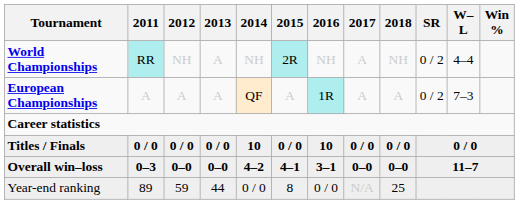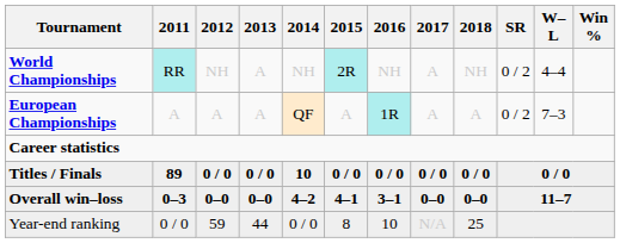 <table class=wikitable style=text-align:center>
 <tr>
 <th width=180>Tournament</th>
 <th width=40>2011</th>
 <th width=40>2012</th>
 <th width=40>2013</th>
 <th width=40>2014</th>
 <th width=40>2015</th>
 <th width=40>2016</th>
 <th width=40>2017</th>
 <th width=40>2018</th>
 <th width=40>SR</th>
 <th width=40>W–L</th>
 <th width=40>Win %</th>
 </tr>
 <tr>
 <td align="left"><strong><a href='#'>World Championships</a></strong></td>
 <td bgcolor=afeeee>RR<br></td>
 <td align="center" style="color:#cccccc;">NH</td>
 <td align="center" style="color:#cccccc;">A</td>
 <td align="center" style="color:#cccccc;">NH</td>
 <td bgcolor=afeeee>2R<br></td>
 <td align="center" style="color:#cccccc;">NH</td>
 <td align="center" style="color:#cccccc;">A</td>
 <td align="center" style="color:#cccccc;">NH</td>
 <td>0 / 2</td>
 <td>4–4</td>
 <td></td>
 </tr>
 <tr>
 <td align=left><strong><a href='#'>European Championships</a></strong></td>
 <td align="center" style="color:#cccccc;">A</td>
 <td align="center" style="color:#cccccc;">A</td>
 <td align="center" style="color:#cccccc;">A</td>
 <td bgcolor=#ffebcd>QF<br></td>
 <td align="center" style="color:#cccccc;">A</td>
 <td bgcolor=afeeee>1R<br></td>
 <td align="center" style="color:#cccccc;">A</td>
 <td align="center" style="color:#cccccc;">A</td>
 <td>0 / 2</td>
 <td>7–3</td>
 <td></td>
 </tr>
 <tr>
 <td colspan="12" style="text-align:left;"><strong>Career statistics</strong></td>
 </tr>
 <tr style="font-weight:bold; background:#efefef;">
 <td style=text-align:left>Titles / Finals</td>
-<td>0 / 0</td>
+<td>89</td>
 <td>0 / 0</td>
 <td>0 / 0</td>
 <td>10</td>
 <td>0 / 0</td>
-<td>10</td>
+<td>0 / 0</td>
 <td>0 / 0</td>
 <td>0 / 0</td>
 <td colspan="3">0 / 0</td>
 </tr>
 <tr style="font-weight:bold; background:#efefef;">
 <td style="text-align:left">Overall win–loss</td>
 <td>0–3</td>
 <td>0–0</td>
 <td>0–0</td>
 <td>4–2</td>
 <td>4–1</td>
 <td>3–1</td>
 <td>0–0</td>
 <td>0–0</td>
 <td colspan="3">11–7</td>
 </tr>
 <tr bgcolor="efefef">
 <td align="left">Year-end ranking</td>
-<td>89</td>
+<td>0 / 0</td>
 <td>59</td>
 <td>44</td>
 <td>0 / 0</td>
 <td>8</td>
-<td>0 / 0</td>
+<td>10</td>
 <td align="center" style="color:#cccccc;">N/A</td>
 <td>25</td>
 <td colspan="3"></td>
 </tr>
 </table>
